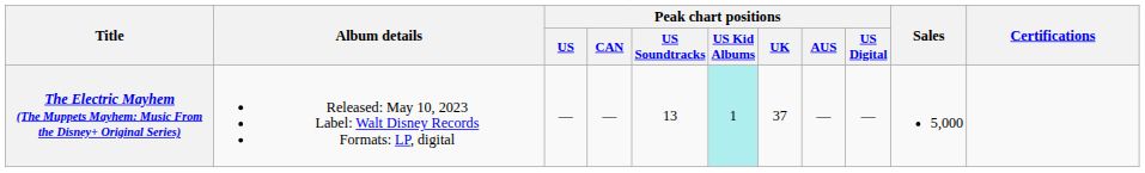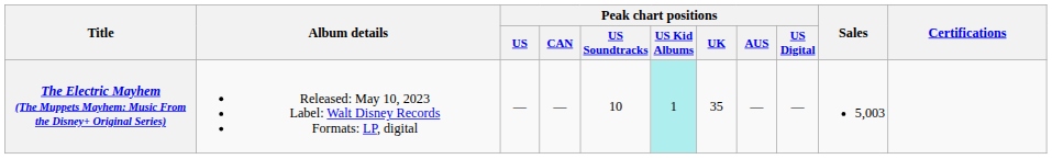 <table class="wikitable plainrowheaders" style="text-align:center;">
 <tr>
 <th rowspan="2" scope="col" style="width:15em;">Title</th>
 <th rowspan="2" scope="col" style="width:24em;">Album details</th>
 <th colspan="7" scope="col">Peak chart positions</th>
 <th rowspan="2" scope="col">Sales</th>
 <th rowspan="2" scope="col" style="width:12em;"><a href='#'>Certifications</a></th>
 </tr>
 <tr>
 <th scope="col" style="width:3em;font-size:90%;"><a href='#'>US</a></th>
 <th scope="col" style="width:3em;font-size:90%;"><a href='#'>CAN</a></th>
 <th scope="col" style="width:3em;font-size:90%;"><a href='#'>US Soundtracks</a></th>
 <th scope="col" style="width:3em;font-size:90%;"><a href='#'>US Kid Albums</a></th>
 <th scope="col" style="width:3em;font-size:90%;"><a href='#'>UK</a></th>
 <th scope="col" style="width:3em;font-size:90%;"><a href='#'>AUS</a></th>
 <th scope="col" style="width:3em;font-size:90%;"><a href='#'>US Digital</a></th>
 </tr>
 <tr>
 <th scope="row"><strong><em><a href='#'>The Electric Mayhem<br><small>(The Muppets Mayhem: Music From the Disney+ Original Series)</small></a></em></strong></th>
 <td><br><ul><li>Released: May 10, 2023</li><li>Label: <a href='#'>Walt Disney Records</a></li><li>Formats: <a href='#'>LP</a>, digital</li></ul></td>
 <td>—</td>
 <td>—</td>
-<td>13</td>
+<td>10</td>
 <td style="background: paleturquoise;">1</td>
-<td>37</td>
+<td>35</td>
 <td>—</td>
 <td>—</td>
-<td><br><ul><li>5,000</li></ul></td>
+<td><br><ul><li>5,003</li></ul></td>
 <td></td>
 </tr>
 </table>
